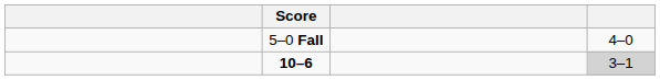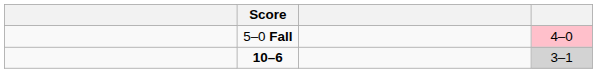 <table class="wikitable" style="text-align: center; ">
 <tr>
 <th align="right" width="270"></th>
 <th width="65">Score</th>
 <th align="left" width="270"></th>
 <th width="65"></th>
 </tr>
 <tr>
 <td align="left"><strong></strong></td>
 <td>5–0 <strong>Fall</strong></td>
 <td align="left"></td>
-<td>4–0 <strong></strong></td>
+<td style="background: pink;">4–0 <strong></strong></td>
 </tr>
 <tr>
 <td align="left"><strong></strong></td>
 <td><strong>10–6</strong></td>
 <td align="left"></td>
 <td style="background: lightgrey;">3–1 <strong></strong></td>
 </tr>
 </table>
